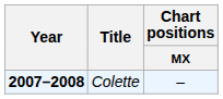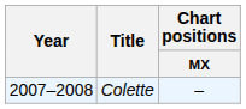 <table class="wikitable"|width=100%>
 <tr bgcolor="#CCCCCC">
 <th rowspan="2">Year</th>
 <th rowspan="2">Title</th>
 <th>Chart positions</th>
 </tr>
 <tr bgcolor="#DDDDDD">
 <th width="40"><small>MX</small></th>
 </tr>
 <tr bgcolor="#ebf5ff">
-<td><strong>2007–2008</strong></td>
+<td>2007–2008</td>
 <td><em>Colette</em></td>
 <td align="center">–</td>
 </tr>
 </table>
